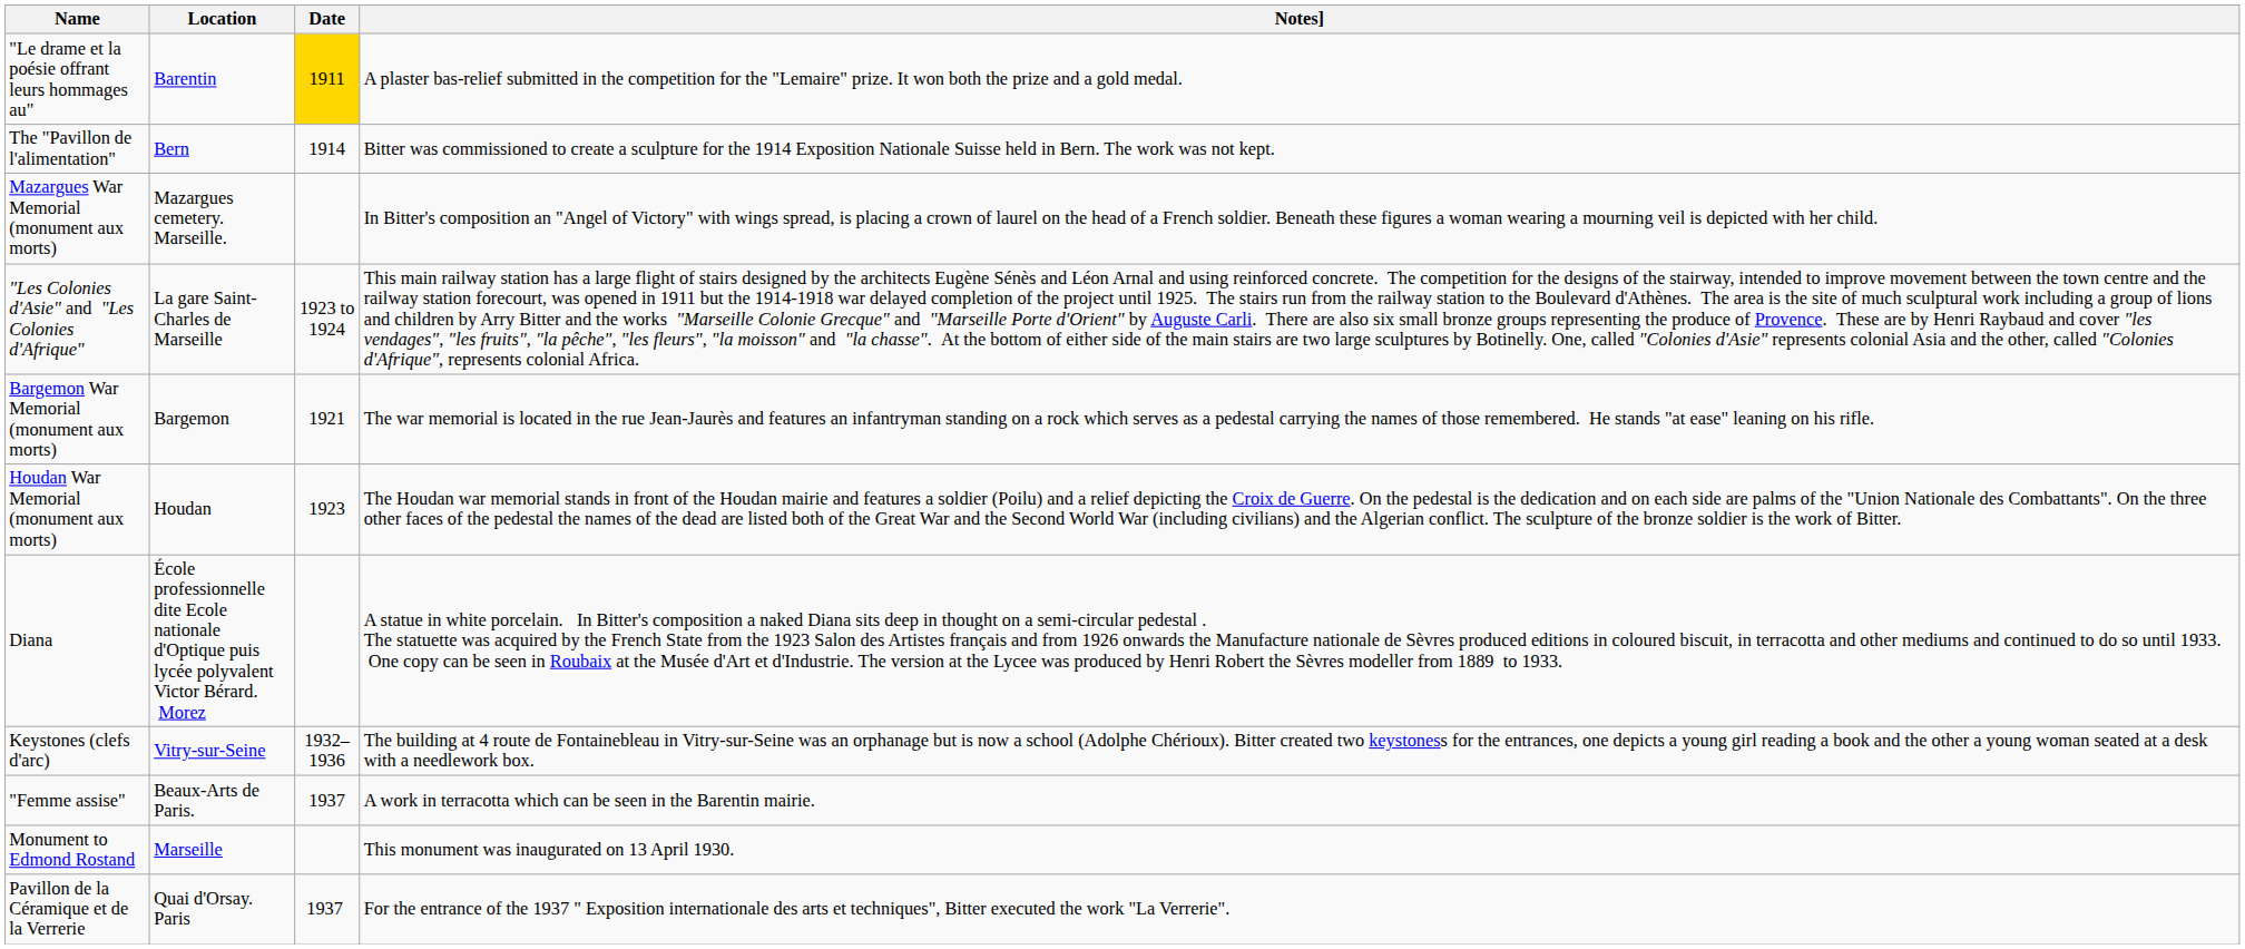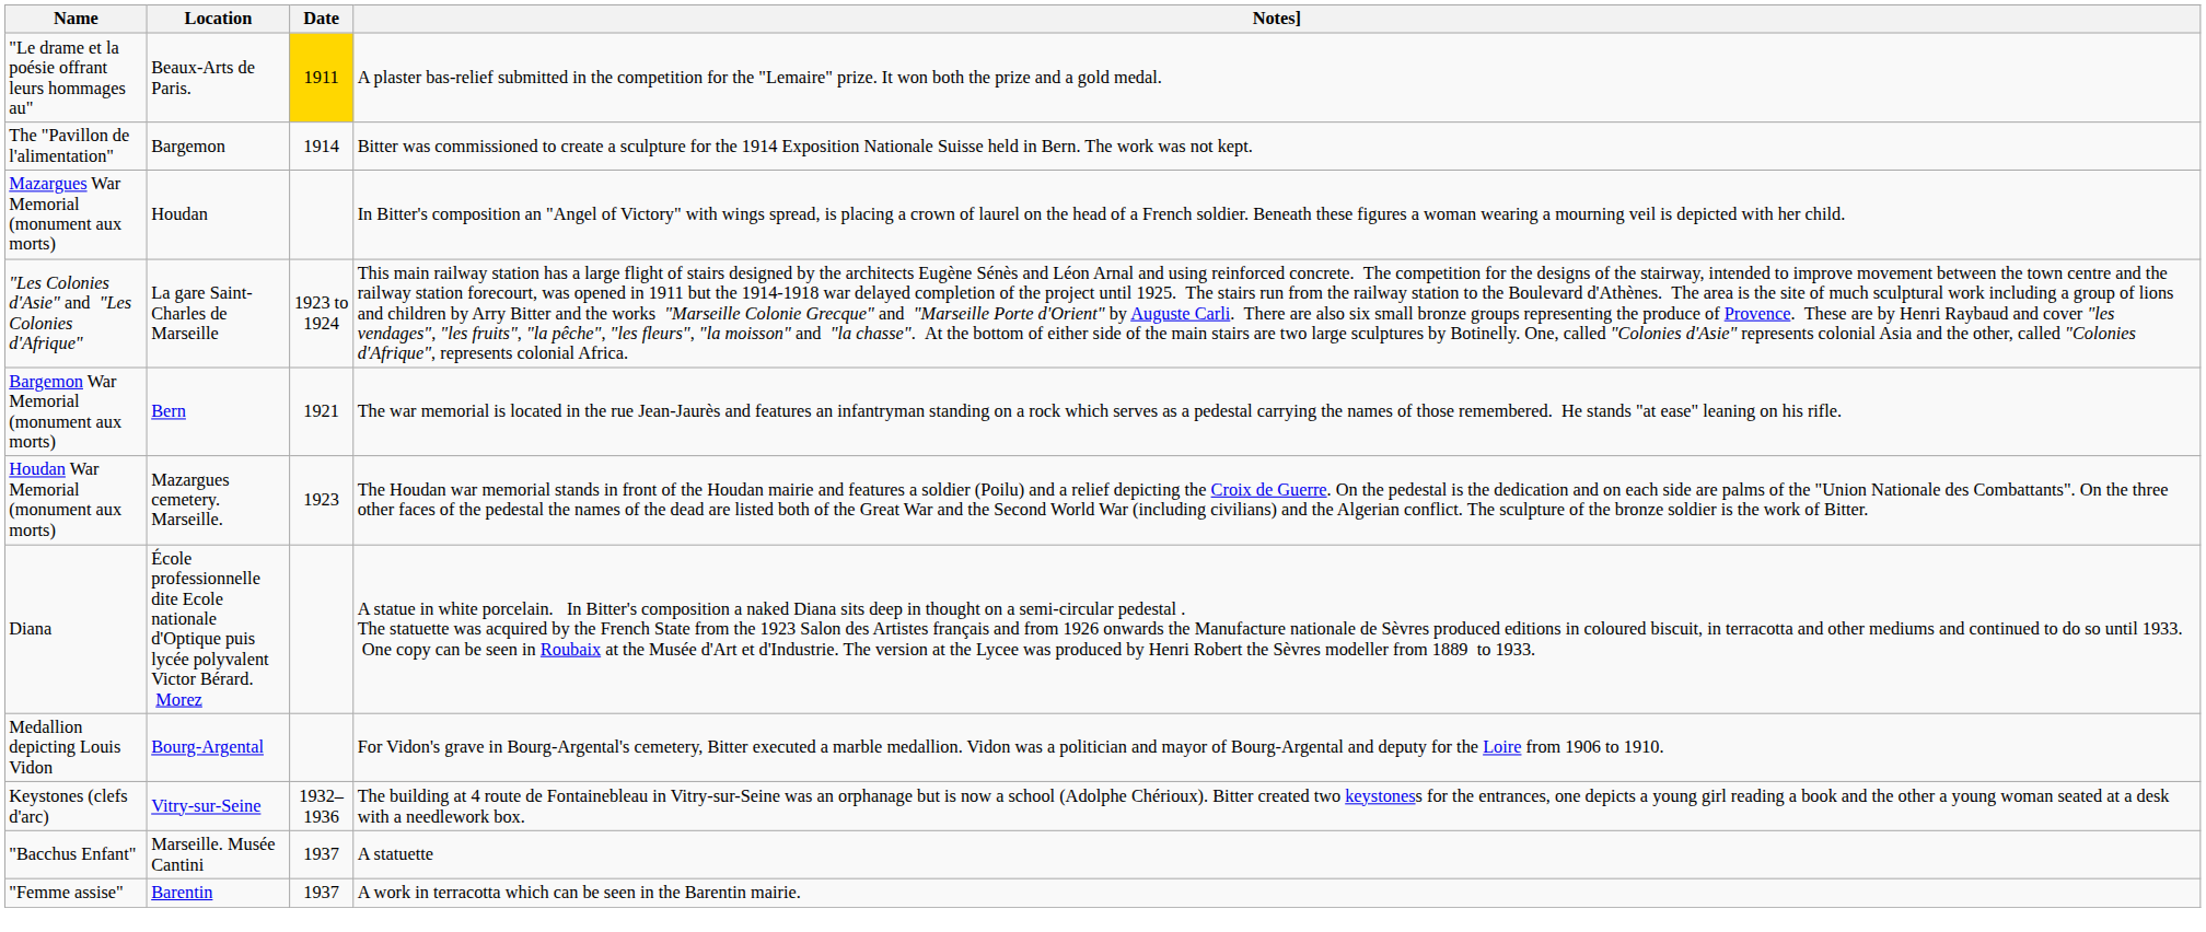 <table class="wikitable sortable plainrowheaders">
 <tr>
 <th style="width:120px">Name</th>
 <th style="width:120px">Location</th>
 <th style="width:50px" >Date</th>
 <th class="unsortable" >Notes]</th>
 </tr>
 <tr>
 <td>"Le drame et la poésie offrant leurs hommages au"</td>
-<td><a href='#'>Barentin</a></td>
+<td>Beaux-Arts de Paris.</td>
 <td style="background: gold; text-align:center;">1911</td>
 <td>A plaster bas-relief submitted in the competition for the "Lemaire" prize. It won both the prize and a gold medal.<br></td>
 </tr>
 <tr>
 <td>The "Pavillon de l'alimentation"</td>
-<td><a href='#'>Bern</a></td>
+<td>Bargemon</td>
 <td style="text-align:center;">1914</td>
 <td>Bitter was commissioned to create a sculpture for the 1914 Exposition Nationale Suisse held in Bern. The work was not kept.<br> </td>
 </tr>
 <tr>
 <td><a href='#'>Mazargues</a> War Memorial (monument aux morts)</td>
-<td>Mazargues cemetery. Marseille.</td>
+<td>Houdan</td>
 <td style="text-align:center;"></td>
 <td>In Bitter's composition an "Angel of Victory" with wings spread, is placing a crown of laurel on the head of a French soldier. Beneath these figures a woman wearing a mourning veil is depicted with her child.<br></td>
 </tr>
 <tr>
 <td><em>"Les Colonies d'Asie"</em> and  <em>"Les Colonies d'Afrique"</em></td>
 <td>La gare Saint-Charles de Marseille</td>
 <td style="text-align:center;">1923 to 1924</td>
 <td>This main railway station has a large flight of stairs designed by the architects Eugène Sénès and Léon Arnal and using reinforced concrete.  The competition for the designs of the stairway, intended to improve movement between the town centre and the railway station forecourt, was opened in 1911 but the 1914-1918 war delayed completion of the project until 1925.  The stairs run from the railway station to the Boulevard d'Athènes.  The area is the site of much sculptural work including a group of lions and children by Arry Bitter and the works  <em>"Marseille Colonie Grecque"</em> and  <em>"Marseille Porte d'Orient"</em> by <a href='#'>Auguste Carli</a>.  There are also six small bronze groups representing the produce of <a href='#'>Provence</a>.  These are by Henri Raybaud and cover <em>"les vendages"</em>, <em>"les fruits"</em>, <em>"la pêche"</em>, <em>"les fleurs"</em>, <em>"la moisson"</em> and  <em>"la chasse"</em>.  At the bottom of either side of the main stairs are two large sculptures by Botinelly.  One,  called <em>"Colonies d'Asie"</em> represents colonial Asia and the other, called <em>"Colonies d'Afrique"</em>, represents colonial Africa.<br></td>
 </tr>
 <tr>
 <td><a href='#'>Bargemon</a> War Memorial (monument aux morts)</td>
-<td>Bargemon</td>
+<td><a href='#'>Bern</a></td>
 <td style="text-align:center;">1921</td>
 <td>The war memorial is located in the rue Jean-Jaurès and features an infantryman standing on a rock which serves as a pedestal carrying the names of those remembered.  He stands "at ease" leaning on his rifle. <br>  </td>
 </tr>
 <tr>
 <td><a href='#'>Houdan</a> War Memorial (monument aux morts)</td>
-<td>Houdan</td>
+<td>Mazargues cemetery. Marseille.</td>
 <td style="text-align:center;">1923</td>
 <td>The Houdan war memorial stands in front of the Houdan mairie and features a soldier (Poilu) and a relief depicting the <a href='#'>Croix de Guerre</a>. On the pedestal is the dedication and on each side are palms of the "Union Nationale des Combattants". On the three other faces of the pedestal the names of the dead are listed both of the Great War and the Second World War (including civilians) and the Algerian conflict. The sculpture of the bronze soldier is the work of Bitter.<br></td>
 </tr>
 <tr>
 <td>Diana</td>
 <td>École professionnelle dite Ecole nationale d'Optique puis lycée polyvalent Victor Bérard.  <a href='#'>Morez</a></td>
 <td style="text-align:center;"></td>
 <td>A statue in white porcelain.   In Bitter's composition a naked Diana sits deep in thought on a semi-circular pedestal . <br> The statuette was acquired by the French State from the 1923 Salon des Artistes français and from 1926 onwards the Manufacture nationale de Sèvres produced editions in coloured biscuit, in terracotta and other mediums and continued to do so until 1933.  One copy can be seen in <a href='#'>Roubaix</a> at the Musée d'Art et d'Industrie. The version at the Lycee was produced by Henri Robert the Sèvres modeller from 1889  to 1933.</td>
 </tr>
 <tr>
+<td>Medallion depicting Louis Vidon</td>
+<td><a href='#'>Bourg-Argental</a></td>
+<td style="text-align:center;"></td>
+<td>For Vidon's grave in Bourg-Argental's cemetery, Bitter executed a marble medallion. Vidon was a politician and mayor of Bourg-Argental and deputy for the <a href='#'>Loire</a> from 1906 to 1910. <br></td>
+</tr>
+<tr>
 <td>Keystones (clefs d'arc)</td>
 <td><a href='#'>Vitry-sur-Seine</a></td>
 <td style="text-align:center;">1932–1936</td>
 <td>The building at 4 route de Fontainebleau in Vitry-sur-Seine was an orphanage but is now a school (Adolphe Chérioux). Bitter created two <a href='#'>keystones</a>s for the entrances, one depicts a young girl reading a book and the other a young woman seated at a desk with a needlework box.<br> </td>
 </tr>
 <tr>
+<td>"Bacchus Enfant"</td>
+<td>Marseille. Musée Cantini</td>
+<td style="text-align:center;">1937</td>
+<td>A statuette <br></td>
+</tr>
+<tr>
 <td>"Femme assise"</td>
-<td>Beaux-Arts de Paris.</td>
+<td><a href='#'>Barentin</a></td>
 <td style="text-align:center;">1937</td>
 <td>A work in terracotta which can be seen in the Barentin mairie.</td>
 </tr>
-<tr>
-<td>Monument to <a href='#'>Edmond Rostand</a></td>
-<td><a href='#'>Marseille</a></td>
-<td style="text-align:center;"></td>
-<td>This monument was inaugurated on 13 April 1930.</td>
-</tr>
-<tr>
-<td>Pavillon de la Céramique et de la Verrerie</td>
-<td>Quai d'Orsay. Paris</td>
-<td style="text-align:center;">1937 </td>
-<td>For the entrance of the 1937 " Exposition internationale des arts et techniques", Bitter executed the work "La Verrerie".<br></td>
-</tr>
 </table>
